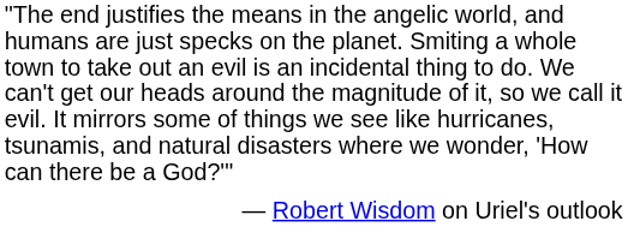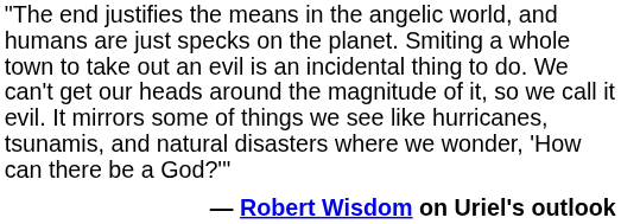 <table class="toccolours" style="float: right; margin-left: 1em; margin-right: 2em; font-size: 85%; width:27em; max-width: 40%;" cellspacing="5">
 <tr>
 <td style="text-align: left;">"The end justifies the means in the angelic world, and humans are just specks on the planet. Smiting a whole town to take out an evil is an incidental thing to do. We can't get our heads around the magnitude of it, so we call it evil. It mirrors some of things we see like hurricanes, tsunamis, and natural disasters where we wonder, 'How can there be a God?'"</td>
 </tr>
 <tr>
-<td style="text-align: right;"> — <a href='#'>Robert Wisdom</a> on Uriel's outlook</td>
+<td style="text-align: right;"><strong> — <a href='#'>Robert Wisdom</a> on Uriel's outlook</strong></td>
 </tr>
 </table>
